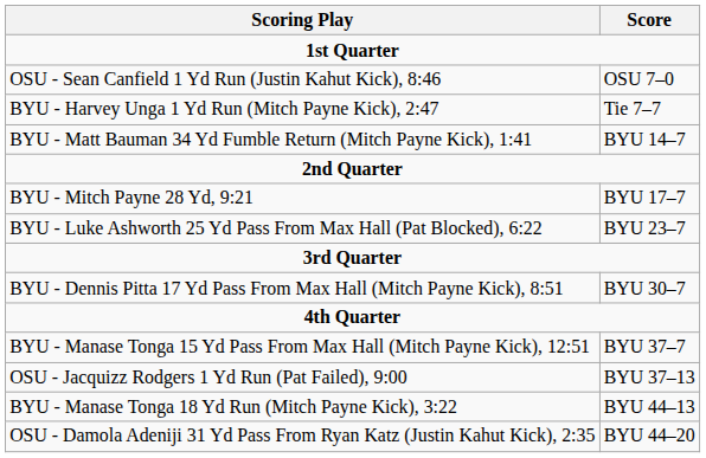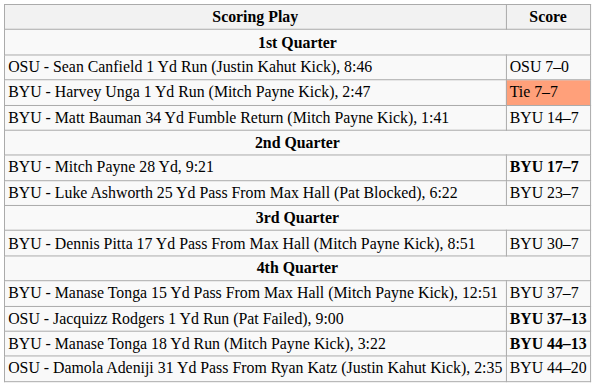 <table class="wikitable">
 <tr>
 <th>Scoring Play</th>
 <th>Score</th>
 </tr>
 <tr>
 <td colspan="4" style="text-align:center;"><strong>1st Quarter</strong></td>
 </tr>
 <tr>
 <td>OSU - Sean Canfield 1 Yd Run (Justin Kahut Kick), 8:46</td>
 <td>OSU 7–0</td>
 </tr>
 <tr>
 <td>BYU - Harvey Unga 1 Yd Run (Mitch Payne Kick), 2:47</td>
-<td>Tie 7–7</td>
+<td style="background: lightsalmon;">Tie 7–7</td>
 </tr>
 <tr>
 <td>BYU - Matt Bauman 34 Yd Fumble Return (Mitch Payne Kick), 1:41</td>
 <td>BYU 14–7</td>
 </tr>
 <tr>
 <td colspan="4" style="text-align:center;"><strong>2nd Quarter</strong></td>
 </tr>
 <tr>
 <td>BYU - Mitch Payne 28 Yd, 9:21</td>
-<td>BYU 17–7</td>
+<td><strong>BYU 17–7</strong></td>
 </tr>
 <tr>
 <td>BYU - Luke Ashworth 25 Yd Pass From Max Hall (Pat Blocked), 6:22</td>
 <td>BYU 23–7</td>
 </tr>
 <tr>
 <td colspan="4" style="text-align:center;"><strong>3rd Quarter</strong></td>
 </tr>
 <tr>
 <td>BYU - Dennis Pitta 17 Yd Pass From Max Hall (Mitch Payne Kick), 8:51</td>
 <td>BYU 30–7</td>
 </tr>
 <tr>
 <td colspan="4" style="text-align:center;"><strong>4th Quarter</strong></td>
 </tr>
 <tr>
 <td>BYU - Manase Tonga 15 Yd Pass From Max Hall (Mitch Payne Kick), 12:51</td>
 <td>BYU 37–7</td>
 </tr>
 <tr>
 <td>OSU - Jacquizz Rodgers 1 Yd Run (Pat Failed), 9:00</td>
-<td>BYU 37–13</td>
+<td><strong>BYU 37–13</strong></td>
 </tr>
 <tr>
 <td>BYU - Manase Tonga 18 Yd Run (Mitch Payne Kick), 3:22</td>
-<td>BYU 44–13</td>
+<td><strong>BYU 44–13</strong></td>
 </tr>
 <tr>
 <td>OSU - Damola Adeniji 31 Yd Pass From Ryan Katz (Justin Kahut Kick), 2:35</td>
 <td>BYU 44–20</td>
 </tr>
 </table>
